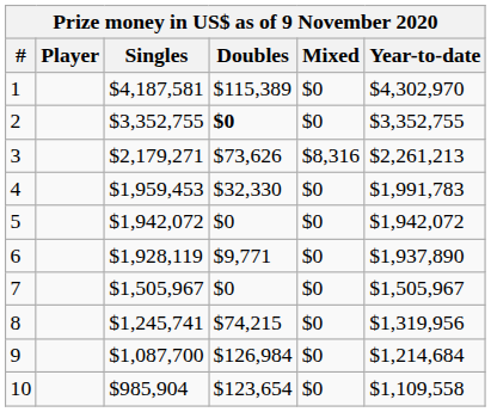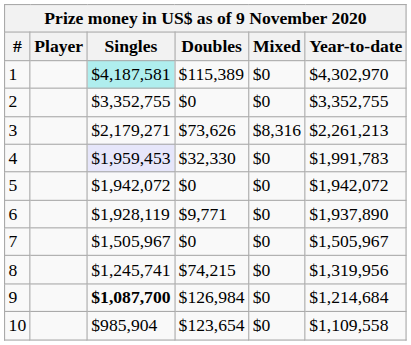 <table class="wikitable sortable">
 <tr>
 <th colspan="6">Prize money in US$ as of 9 November 2020</th>
 </tr>
 <tr>
 <th>#</th>
 <th>Player</th>
 <th>Singles</th>
 <th>Doubles</th>
 <th>Mixed</th>
 <th>Year-to-date</th>
 </tr>
 <tr>
 <td>1</td>
 <td align="left"></td>
-<td>$4,187,581</td>
+<td style="background: paleturquoise;">$4,187,581</td>
 <td>$115,389</td>
 <td>$0</td>
 <td>$4,302,970</td>
 </tr>
 <tr>
 <td>2</td>
 <td align="left"></td>
 <td>$3,352,755</td>
-<td><strong>$0</strong></td>
+<td>$0</td>
 <td>$0</td>
 <td>$3,352,755</td>
 </tr>
 <tr>
 <td>3</td>
 <td align="left"></td>
 <td>$2,179,271</td>
 <td>$73,626</td>
 <td>$8,316</td>
 <td>$2,261,213</td>
 </tr>
 <tr>
 <td>4</td>
 <td align="left"></td>
-<td>$1,959,453</td>
+<td style="background: lavender;">$1,959,453</td>
 <td>$32,330</td>
 <td>$0</td>
 <td>$1,991,783</td>
 </tr>
 <tr>
 <td>5</td>
 <td align="left"></td>
 <td>$1,942,072</td>
 <td>$0</td>
 <td>$0</td>
 <td>$1,942,072</td>
 </tr>
 <tr>
 <td>6</td>
 <td align="left"></td>
 <td>$1,928,119</td>
 <td>$9,771</td>
 <td>$0</td>
 <td>$1,937,890</td>
 </tr>
 <tr>
 <td>7</td>
 <td align="left"></td>
 <td>$1,505,967</td>
 <td>$0</td>
 <td>$0</td>
 <td>$1,505,967</td>
 </tr>
 <tr>
 <td>8</td>
 <td align="left"></td>
 <td>$1,245,741</td>
 <td>$74,215</td>
 <td>$0</td>
 <td>$1,319,956</td>
 </tr>
 <tr>
 <td>9</td>
 <td align="left"></td>
-<td>$1,087,700</td>
+<td><strong>$1,087,700</strong></td>
 <td>$126,984</td>
 <td>$0</td>
 <td>$1,214,684</td>
 </tr>
 <tr>
 <td>10</td>
 <td align="left"></td>
 <td>$985,904</td>
 <td>$123,654</td>
 <td>$0</td>
 <td>$1,109,558</td>
 </tr>
 </table>
